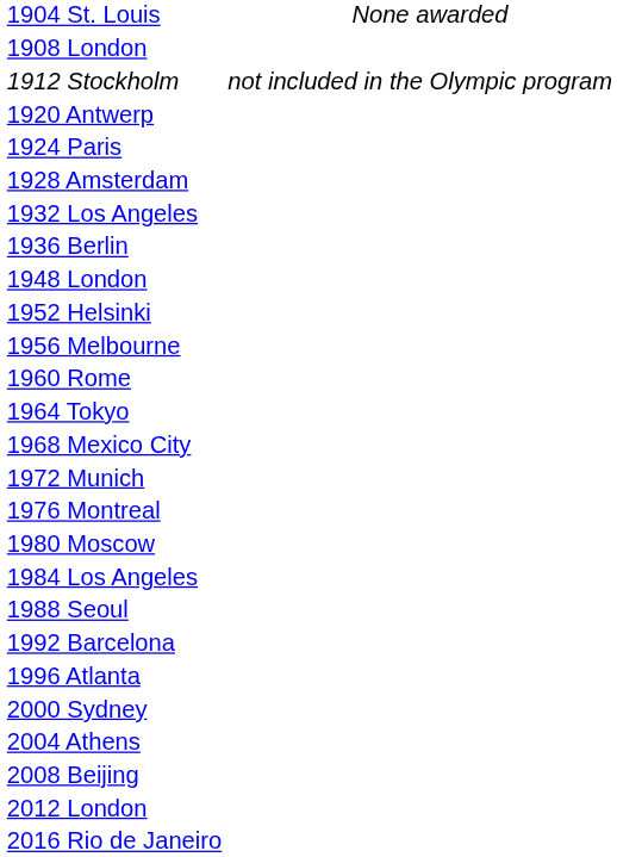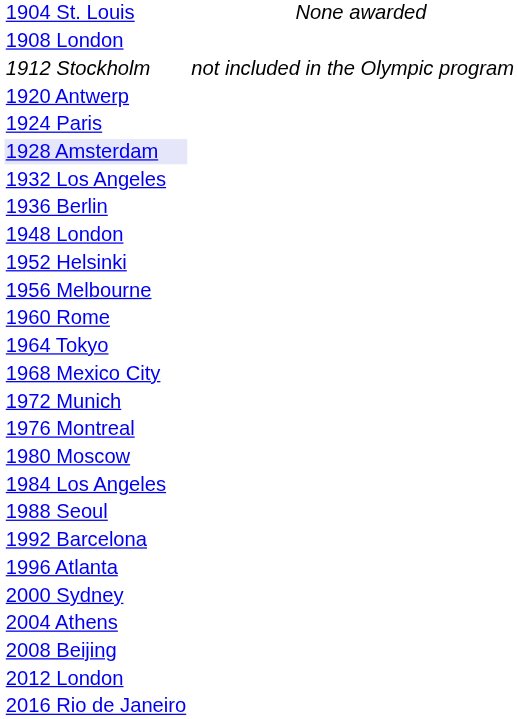 <table>
 <tr valign="top">
 <td><a href='#'>1904 St. Louis</a><br></td>
 <td></td>
 <td></td>
 <td style="text-align:center;"><em>None awarded</em></td>
 </tr>
 <tr valign="top">
 <td><a href='#'>1908 London</a><br></td>
 <td></td>
 <td></td>
 <td></td>
 </tr>
 <tr valign="top">
 <td><em>1912 Stockholm</em></td>
 <td colspan="3" style="text-align:center;"><em>not included in the Olympic program</em></td>
 </tr>
 <tr valign="top">
 <td><a href='#'>1920 Antwerp</a><br></td>
 <td></td>
 <td></td>
 <td></td>
 </tr>
 <tr valign="top">
 <td><a href='#'>1924 Paris</a><br></td>
 <td></td>
 <td></td>
 <td></td>
 </tr>
 <tr valign="top">
-<td><a href='#'>1928 Amsterdam</a><br></td>
+<td style="background: lavender;"><a href='#'>1928 Amsterdam</a><br></td>
 <td></td>
 <td></td>
 <td></td>
 </tr>
 <tr valign="top">
 <td><a href='#'>1932 Los Angeles</a><br></td>
 <td></td>
 <td></td>
 <td></td>
 </tr>
 <tr valign="top">
 <td><a href='#'>1936 Berlin</a><br></td>
 <td></td>
 <td></td>
 <td></td>
 </tr>
 <tr valign="top">
 <td><a href='#'>1948 London</a><br></td>
 <td></td>
 <td></td>
 <td></td>
 </tr>
 <tr valign="top">
 <td><a href='#'>1952 Helsinki</a><br></td>
 <td></td>
 <td></td>
 <td><br></td>
 </tr>
 <tr valign="top">
 <td><a href='#'>1956 Melbourne</a><br></td>
 <td></td>
 <td></td>
 <td><br></td>
 </tr>
 <tr valign="top">
 <td><a href='#'>1960 Rome</a><br></td>
 <td></td>
 <td></td>
 <td><br></td>
 </tr>
 <tr valign="top">
 <td><a href='#'>1964 Tokyo</a><br></td>
 <td></td>
 <td></td>
 <td><br></td>
 </tr>
 <tr valign="top">
 <td><a href='#'>1968 Mexico City</a><br></td>
 <td></td>
 <td></td>
 <td><br></td>
 </tr>
 <tr valign="top">
 <td><a href='#'>1972 Munich</a><br></td>
 <td></td>
 <td></td>
 <td><br></td>
 </tr>
 <tr valign="top">
 <td><a href='#'>1976 Montreal</a><br></td>
 <td></td>
 <td></td>
 <td><br></td>
 </tr>
 <tr valign="top">
 <td><a href='#'>1980 Moscow</a><br></td>
 <td></td>
 <td></td>
 <td><br></td>
 </tr>
 <tr valign="top">
 <td><a href='#'>1984 Los Angeles</a><br></td>
 <td></td>
 <td></td>
 <td><br></td>
 </tr>
 <tr valign="top">
 <td><a href='#'>1988 Seoul</a><br></td>
 <td></td>
 <td></td>
 <td><br></td>
 </tr>
 <tr valign="top">
 <td><a href='#'>1992 Barcelona</a><br></td>
 <td></td>
 <td></td>
 <td><br></td>
 </tr>
 <tr valign="top">
 <td><a href='#'>1996 Atlanta</a><br></td>
 <td></td>
 <td></td>
 <td><br></td>
 </tr>
 <tr valign="top">
 <td><a href='#'>2000 Sydney</a><br></td>
 <td></td>
 <td></td>
 <td><br></td>
 </tr>
 <tr valign="top">
 <td><a href='#'>2004 Athens</a><br></td>
 <td></td>
 <td></td>
 <td><br></td>
 </tr>
 <tr valign="top">
 <td><a href='#'>2008 Beijing</a><br></td>
 <td></td>
 <td></td>
 <td><br></td>
 </tr>
 <tr valign="top">
 <td><a href='#'>2012 London</a><br></td>
 <td></td>
 <td></td>
 <td><br></td>
 </tr>
 <tr valign="top">
 <td><a href='#'>2016 Rio de Janeiro</a><br></td>
 <td></td>
 <td></td>
 <td><br></td>
 </tr>
 </table>
